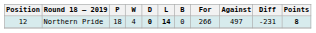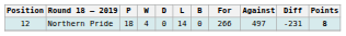 <table class="wikitable" style="text-align:center; font-size:85%;">
 <tr style="background: #d7ebed;">
 <th width="40" abbr="Position">Position</th>
 <th width="100">Round 18 – 2019</th>
 <th width="20" abbr="Played">P</th>
 <th width="20" abbr="Won">W</th>
 <th width="20" abbr="Drawn">D</th>
 <th width="20" abbr="Lost">L</th>
 <th width="20" abbr="Bye">B</th>
 <th width="40" abbr="Points for">For</th>
 <th width="40" abbr="Points against">Against</th>
 <th width="40" abbr="Points difference">Diff</th>
 <th width="40" abbr="Points">Points</th>
 </tr>
 <tr style="background: #d7ebed;">
 <td>12</td>
 <td style="text-align:left;"> Northern Pride</td>
 <td>18</td>
 <td>4</td>
-<td><strong>0</strong></td>
-<td><strong>14</strong></td>
+<td>0</td>
+<td>14</td>
 <td>0</td>
 <td>266</td>
 <td>497</td>
 <td>-231</td>
 <td><strong>8</strong></td>
 </tr>
 <tr>
 </tr>
 </table>
